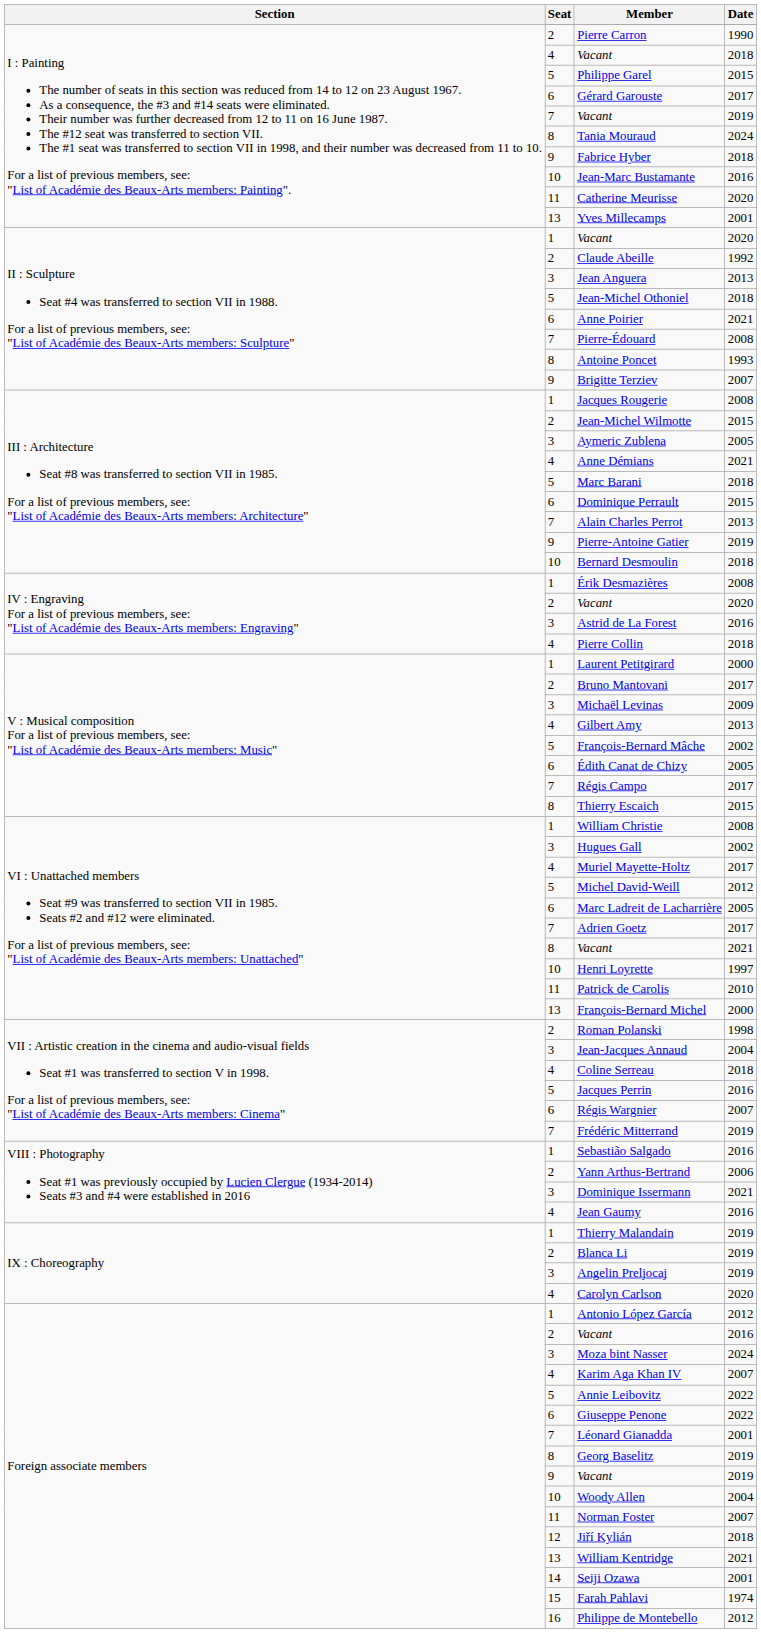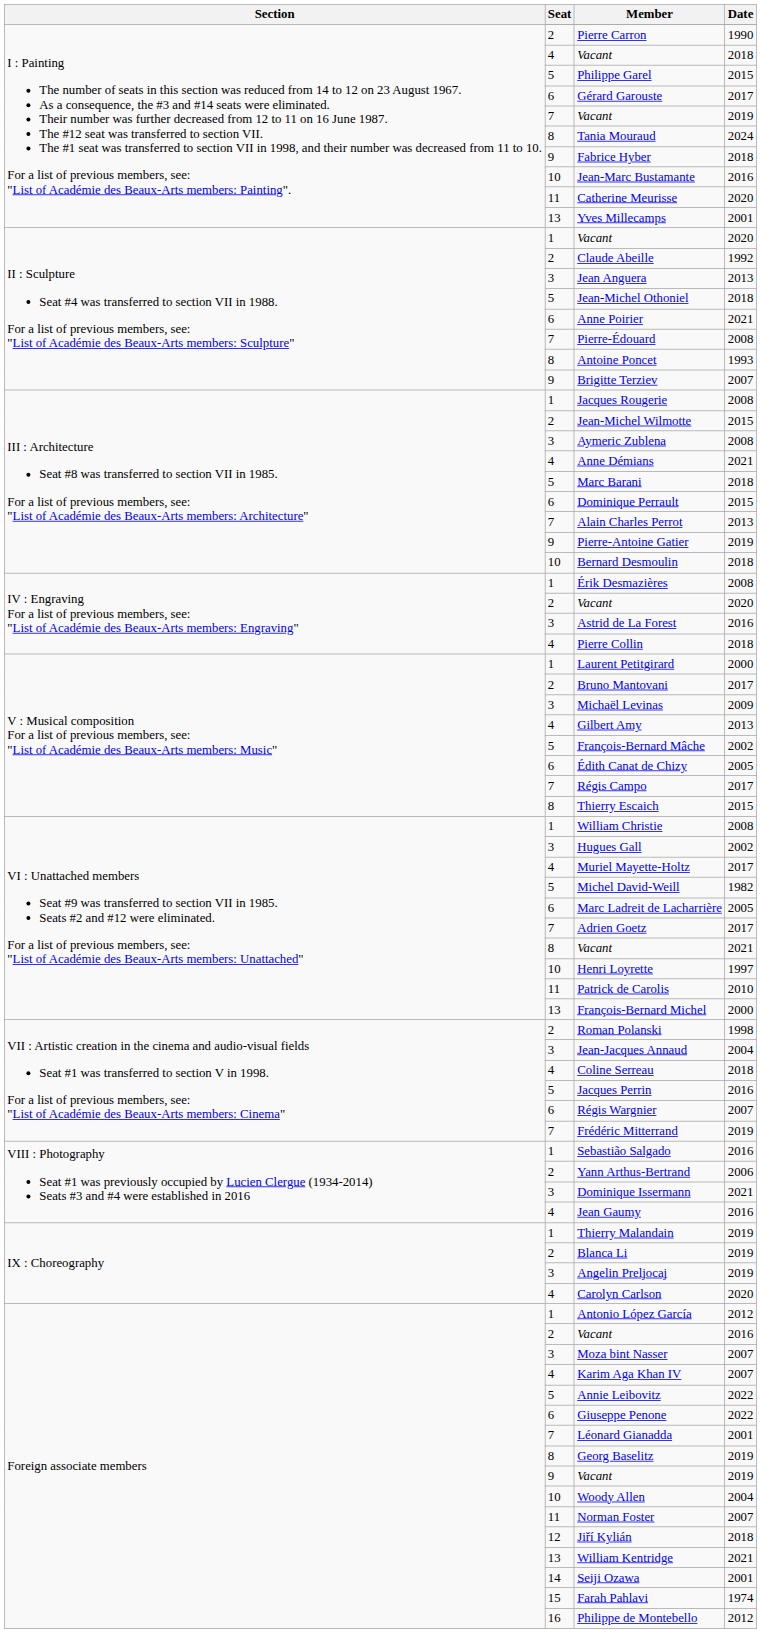 <table class="wikitable">
 <tr>
 <th>Section</th>
 <th>Seat</th>
 <th>Member</th>
 <th>Date</th>
 </tr>
 <tr>
 <td rowspan="11">I : Painting<br><ul><li>The number of seats in this section was reduced from 14 to 12 on 23 August 1967.</li><li>As a consequence, the #3 and #14 seats were eliminated.</li><li>Their number was further decreased from 12 to 11 on 16 June 1987.</li><li>The #12 seat was transferred to section VII.</li><li>The #1 seat was transferred to section VII in 1998, and their number was decreased from 11 to 10.</li></ul>For a list of previous members, see:<br> "<a href='#'>List of Académie des Beaux-Arts members: Painting</a>".</td>
 </tr>
 <tr>
 <td>2</td>
 <td><a href='#'>Pierre Carron</a></td>
 <td>1990</td>
 </tr>
 <tr>
 <td>4</td>
 <td><em>Vacant</em></td>
 <td>2018</td>
 </tr>
 <tr>
 <td>5</td>
 <td><a href='#'>Philippe Garel</a></td>
 <td>2015</td>
 </tr>
 <tr>
 <td>6</td>
 <td><a href='#'>Gérard Garouste</a></td>
 <td>2017</td>
 </tr>
 <tr>
 <td>7</td>
 <td><em>Vacant</em></td>
 <td>2019</td>
 </tr>
 <tr>
 <td>8</td>
 <td><a href='#'>Tania Mouraud</a></td>
 <td>2024</td>
 </tr>
 <tr>
 <td>9</td>
 <td><a href='#'>Fabrice Hyber</a></td>
 <td>2018</td>
 </tr>
 <tr>
 <td>10</td>
 <td><a href='#'>Jean-Marc Bustamante</a></td>
 <td>2016</td>
 </tr>
 <tr>
 <td>11</td>
 <td><a href='#'>Catherine Meurisse</a></td>
 <td>2020</td>
 </tr>
 <tr>
 <td>13</td>
 <td><a href='#'>Yves Millecamps</a></td>
 <td>2001</td>
 </tr>
 <tr>
 <td rowspan="8">II : Sculpture<br><ul><li>Seat #4 was transferred to section VII in 1988.</li></ul>For a list of previous members, see:<br>"<a href='#'>List of Académie des Beaux-Arts members: Sculpture</a>"</td>
 <td>1</td>
 <td><em>Vacant</em></td>
 <td>2020</td>
 </tr>
 <tr>
 <td>2</td>
 <td><a href='#'>Claude Abeille</a></td>
 <td>1992</td>
 </tr>
 <tr>
 <td>3</td>
 <td><a href='#'>Jean Anguera</a></td>
 <td>2013</td>
 </tr>
 <tr>
 <td>5</td>
 <td><a href='#'>Jean-Michel Othoniel</a></td>
 <td>2018</td>
 </tr>
 <tr>
 <td>6</td>
 <td><a href='#'>Anne Poirier</a></td>
 <td>2021</td>
 </tr>
 <tr>
 <td>7</td>
 <td><a href='#'>Pierre-Édouard</a></td>
 <td>2008</td>
 </tr>
 <tr>
 <td>8</td>
 <td><a href='#'>Antoine Poncet</a></td>
 <td>1993</td>
 </tr>
 <tr>
 <td>9</td>
 <td><a href='#'>Brigitte Terziev</a></td>
 <td>2007</td>
 </tr>
 <tr>
 <td rowspan="9">III : Architecture<br><ul><li>Seat #8 was transferred to section VII in 1985.</li></ul>For a list of previous members, see:<br>"<a href='#'>List of Académie des Beaux-Arts members: Architecture</a>"</td>
 <td>1</td>
 <td><a href='#'>Jacques Rougerie</a></td>
 <td>2008</td>
 </tr>
 <tr>
 <td>2</td>
 <td><a href='#'>Jean-Michel Wilmotte</a></td>
 <td>2015</td>
 </tr>
 <tr>
 <td>3</td>
 <td><a href='#'>Aymeric Zublena</a></td>
-<td>2005</td>
+<td>2008</td>
 </tr>
 <tr>
 <td>4</td>
 <td><a href='#'>Anne Démians</a></td>
 <td>2021</td>
 </tr>
 <tr>
 <td>5</td>
 <td><a href='#'>Marc Barani</a></td>
 <td>2018</td>
 </tr>
 <tr>
 <td>6</td>
 <td><a href='#'>Dominique Perrault</a></td>
 <td>2015</td>
 </tr>
 <tr>
 <td>7</td>
 <td><a href='#'>Alain Charles Perrot</a></td>
 <td>2013</td>
 </tr>
 <tr>
 <td>9</td>
 <td><a href='#'>Pierre-Antoine Gatier</a></td>
 <td>2019</td>
 </tr>
 <tr>
 <td>10</td>
 <td><a href='#'>Bernard Desmoulin</a></td>
 <td>2018</td>
 </tr>
 <tr>
 <td rowspan="4">IV : Engraving<br>For a list of previous members, see:<br> "<a href='#'>List of Académie des Beaux-Arts members: Engraving</a>"</td>
 <td>1</td>
 <td><a href='#'>Érik Desmazières</a></td>
 <td>2008</td>
 </tr>
 <tr>
 <td>2</td>
 <td><em>Vacant</em></td>
 <td>2020</td>
 </tr>
 <tr>
 <td>3</td>
 <td><a href='#'>Astrid de La Forest</a></td>
 <td>2016</td>
 </tr>
 <tr>
 <td>4</td>
 <td><a href='#'>Pierre Collin</a></td>
 <td>2018</td>
 </tr>
 <tr>
 <td rowspan="8">V : Musical composition<br>For a list of previous members, see:<br> "<a href='#'>List of Académie des Beaux-Arts members: Music</a>"</td>
 <td>1</td>
 <td><a href='#'>Laurent Petitgirard</a></td>
 <td>2000</td>
 </tr>
 <tr>
 <td>2</td>
 <td><a href='#'>Bruno Mantovani</a></td>
 <td>2017</td>
 </tr>
 <tr>
 <td>3</td>
 <td><a href='#'>Michaël Levinas</a></td>
 <td>2009</td>
 </tr>
 <tr>
 <td>4</td>
 <td><a href='#'>Gilbert Amy</a></td>
 <td>2013</td>
 </tr>
 <tr>
 <td>5</td>
 <td><a href='#'>François-Bernard Mâche</a></td>
 <td>2002</td>
 </tr>
 <tr>
 <td>6</td>
 <td><a href='#'>Édith Canat de Chizy</a></td>
 <td>2005</td>
 </tr>
 <tr>
 <td>7</td>
 <td><a href='#'>Régis Campo</a></td>
 <td>2017</td>
 </tr>
 <tr>
 <td>8</td>
 <td><a href='#'>Thierry Escaich</a></td>
 <td>2015</td>
 </tr>
 <tr>
 <td rowspan="10">VI : Unattached members<br><ul><li>Seat #9 was transferred to section VII in 1985.</li><li>Seats #2 and #12 were eliminated.</li></ul>For a list of previous members, see:<br> "<a href='#'>List of Académie des Beaux-Arts members: Unattached</a>"</td>
 <td>1</td>
 <td><a href='#'>William Christie</a></td>
 <td>2008</td>
 </tr>
 <tr>
 <td>3</td>
 <td><a href='#'>Hugues Gall</a></td>
 <td>2002</td>
 </tr>
 <tr>
 <td>4</td>
 <td><a href='#'>Muriel Mayette-Holtz</a></td>
 <td>2017</td>
 </tr>
 <tr>
 <td>5</td>
 <td><a href='#'>Michel David-Weill</a></td>
-<td>2012</td>
+<td>1982</td>
 </tr>
 <tr>
 <td>6</td>
 <td><a href='#'>Marc Ladreit de Lacharrière</a></td>
 <td>2005</td>
 </tr>
 <tr>
 <td>7</td>
 <td><a href='#'>Adrien Goetz</a></td>
 <td>2017</td>
 </tr>
 <tr>
 <td>8</td>
 <td><em>Vacant</em></td>
 <td>2021</td>
 </tr>
 <tr>
 <td>10</td>
 <td><a href='#'>Henri Loyrette</a></td>
 <td>1997</td>
 </tr>
 <tr>
 <td>11</td>
 <td><a href='#'>Patrick de Carolis</a></td>
 <td>2010</td>
 </tr>
 <tr>
 <td>13</td>
 <td><a href='#'>François-Bernard Michel</a></td>
 <td>2000</td>
 </tr>
 <tr>
 <td rowspan="6">VII : Artistic creation in the cinema and audio-visual fields<br><ul><li>Seat #1 was transferred to section V in 1998.</li></ul>For a list of previous members, see:<br> "<a href='#'>List of Académie des Beaux-Arts members: Cinema</a>"</td>
 <td>2</td>
 <td><a href='#'>Roman Polanski</a></td>
 <td>1998</td>
 </tr>
 <tr>
 <td>3</td>
 <td><a href='#'>Jean-Jacques Annaud</a></td>
 <td>2004</td>
 </tr>
 <tr>
 <td>4</td>
 <td><a href='#'>Coline Serreau</a></td>
 <td>2018</td>
 </tr>
 <tr>
 <td>5</td>
 <td><a href='#'>Jacques Perrin</a></td>
 <td>2016</td>
 </tr>
 <tr>
 <td>6</td>
 <td><a href='#'>Régis Wargnier</a></td>
 <td>2007</td>
 </tr>
 <tr>
 <td>7</td>
 <td><a href='#'>Frédéric Mitterrand</a></td>
 <td>2019</td>
 </tr>
 <tr>
 <td rowspan="4">VIII : Photography<br><ul><li>Seat #1 was previously occupied by <a href='#'>Lucien Clergue</a> (1934-2014)</li><li>Seats #3 and #4 were established in 2016</li></ul></td>
 <td>1</td>
 <td><a href='#'>Sebastião Salgado</a></td>
 <td>2016</td>
 </tr>
 <tr>
 <td>2</td>
 <td><a href='#'>Yann Arthus-Bertrand</a></td>
 <td>2006</td>
 </tr>
 <tr>
 <td>3</td>
 <td><a href='#'>Dominique Issermann</a></td>
 <td>2021</td>
 </tr>
 <tr>
 <td>4</td>
 <td><a href='#'>Jean Gaumy</a></td>
 <td>2016</td>
 </tr>
 <tr>
 <td rowspan="4">IX : Choreography</td>
 <td>1</td>
 <td><a href='#'>Thierry Malandain</a></td>
 <td>2019</td>
 </tr>
 <tr>
 <td>2</td>
 <td><a href='#'>Blanca Li</a></td>
 <td>2019</td>
 </tr>
 <tr>
 <td>3</td>
 <td><a href='#'>Angelin Preljocaj</a></td>
 <td>2019</td>
 </tr>
 <tr>
 <td>4</td>
 <td><a href='#'>Carolyn Carlson</a></td>
 <td>2020</td>
 </tr>
 <tr>
 <td rowspan="16">Foreign associate members</td>
 <td>1</td>
 <td><a href='#'>Antonio López García</a></td>
 <td>2012</td>
 </tr>
 <tr>
 <td>2</td>
 <td><em>Vacant</em></td>
 <td>2016</td>
 </tr>
 <tr>
 <td>3</td>
 <td><a href='#'>Moza bint Nasser</a></td>
-<td>2024</td>
+<td>2007</td>
 </tr>
 <tr>
 <td>4</td>
 <td><a href='#'>Karim Aga Khan IV</a></td>
 <td>2007</td>
 </tr>
 <tr>
 <td>5</td>
 <td><a href='#'>Annie Leibovitz</a></td>
 <td>2022</td>
 </tr>
 <tr>
 <td>6</td>
 <td><a href='#'>Giuseppe Penone</a></td>
 <td>2022</td>
 </tr>
 <tr>
 <td>7</td>
 <td><a href='#'>Léonard Gianadda</a></td>
 <td>2001</td>
 </tr>
 <tr>
 <td>8</td>
 <td><a href='#'>Georg Baselitz</a></td>
 <td>2019</td>
 </tr>
 <tr>
 <td>9</td>
 <td><em>Vacant</em></td>
 <td>2019</td>
 </tr>
 <tr>
 <td>10</td>
 <td><a href='#'>Woody Allen</a></td>
 <td>2004</td>
 </tr>
 <tr>
 <td>11</td>
 <td><a href='#'>Norman Foster</a></td>
 <td>2007</td>
 </tr>
 <tr>
 <td>12</td>
 <td><a href='#'>Jiří Kylián</a></td>
 <td>2018</td>
 </tr>
 <tr>
 <td>13</td>
 <td><a href='#'>William Kentridge</a></td>
 <td>2021</td>
 </tr>
 <tr>
 <td>14</td>
 <td><a href='#'>Seiji Ozawa</a></td>
 <td>2001</td>
 </tr>
 <tr>
 <td>15</td>
 <td><a href='#'>Farah Pahlavi</a></td>
 <td>1974</td>
 </tr>
 <tr>
 <td>16</td>
 <td><a href='#'>Philippe de Montebello</a></td>
 <td>2012</td>
 </tr>
 </table>
